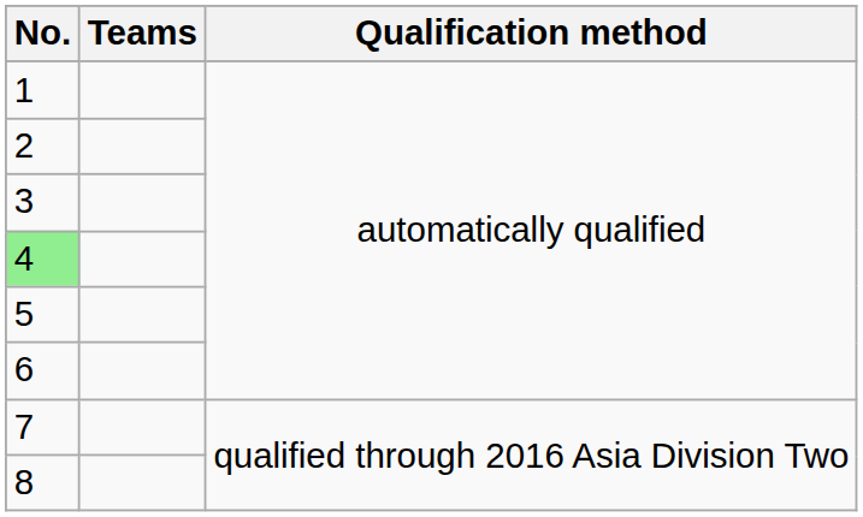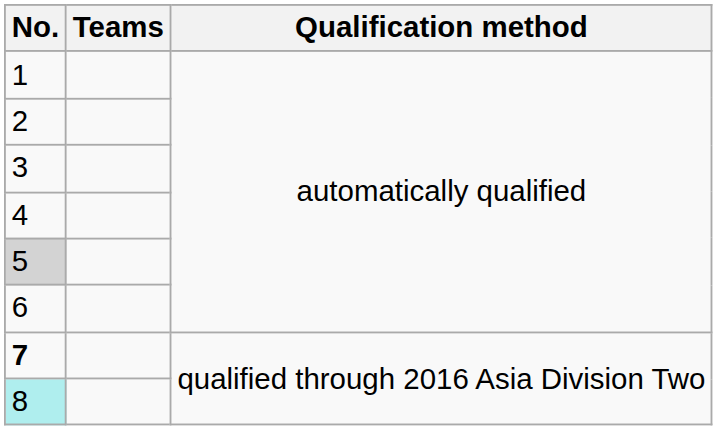 <table class="wikitable">
 <tr>
 <th>No.</th>
 <th>Teams</th>
 <th>Qualification method</th>
 </tr>
 <tr>
 <td>1</td>
 <td></td>
 <td rowspan='6' align='center'>automatically qualified</td>
 </tr>
 <tr>
 <td>2</td>
 <td></td>
 </tr>
 <tr>
 <td>3</td>
 <td></td>
 </tr>
 <tr>
-<td style="background: lightgreen;">4</td>
+<td>4</td>
 <td></td>
 </tr>
 <tr>
-<td>5</td>
+<td style="background: lightgrey;">5</td>
 <td></td>
 </tr>
 <tr>
 <td>6</td>
 <td></td>
 </tr>
 <tr>
-<td>7</td>
+<td><strong>7</strong></td>
 <td></td>
 <td rowspan='2' align='center'>qualified through 2016 Asia Division Two</td>
 </tr>
 <tr>
-<td>8</td>
+<td style="background: paleturquoise;">8</td>
 <td></td>
 </tr>
 </table>
